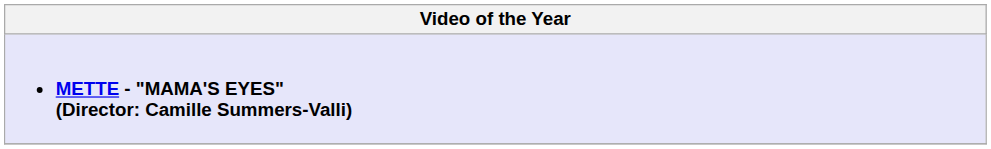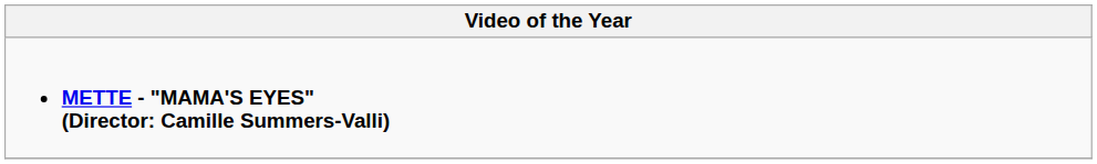 <table class="wikitable" style="width:95%">
 <tr bgcolor="#bebebe">
 <th width="100%">Video of the Year</th>
 </tr>
 <tr>
-<td valign="top" style="background: lavender;"><br><ul><li><strong><a href='#'>METTE</a> - "MAMA'S EYES"</strong><br><strong>(Director: Camille Summers-Valli)</strong></li></ul></td>
+<td valign="top"><br><ul><li><strong><a href='#'>METTE</a> - "MAMA'S EYES"</strong><br><strong>(Director: Camille Summers-Valli)</strong></li></ul></td>
 </tr>
 <tr>
 </tr>
 </table>
